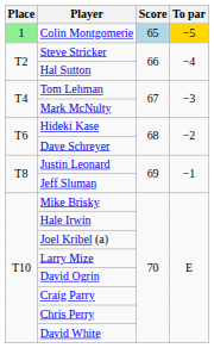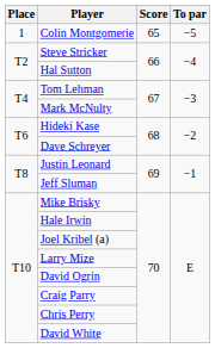 <table class="wikitable">
 <tr>
 <th>Place</th>
 <th>Player</th>
 <th>Score</th>
 <th>To par</th>
 </tr>
 <tr>
-<td align=center style="background: lightgreen;">1</td>
+<td align=center>1</td>
 <td> <a href='#'>Colin Montgomerie</a></td>
-<td align=center style="background: lightblue;">65</td>
-<td align=center style="background: gold;">−5</td>
+<td align=center>65</td>
+<td align=center>−5</td>
 </tr>
 <tr>
 <td rowspan="2" align=center>T2</td>
 <td> <a href='#'>Steve Stricker</a></td>
 <td rowspan="2" align=center>66</td>
 <td rowspan="2" align=center>−4</td>
 </tr>
 <tr>
 <td> <a href='#'>Hal Sutton</a></td>
 </tr>
 <tr>
 <td rowspan="2" align=center>T4</td>
 <td> <a href='#'>Tom Lehman</a></td>
 <td rowspan="2" align=center>67</td>
 <td rowspan="2" align=center>−3</td>
 </tr>
 <tr>
 <td> <a href='#'>Mark McNulty</a></td>
 </tr>
 <tr>
 <td rowspan="2" align=center>T6</td>
 <td> <a href='#'>Hideki Kase</a></td>
 <td rowspan="2" align=center>68</td>
 <td rowspan="2" align=center>−2</td>
 </tr>
 <tr>
 <td> <a href='#'>Dave Schreyer</a></td>
 </tr>
 <tr>
 <td rowspan="2" align=center>T8</td>
 <td> <a href='#'>Justin Leonard</a></td>
 <td rowspan="2" align=center>69</td>
 <td rowspan="2" align=center>−1</td>
 </tr>
 <tr>
 <td> <a href='#'>Jeff Sluman</a></td>
 </tr>
 <tr>
 <td rowspan="8" align=center>T10</td>
 <td> <a href='#'>Mike Brisky</a></td>
 <td rowspan="8" align=center>70</td>
 <td rowspan="8" align=center>E</td>
 </tr>
 <tr>
 <td> <a href='#'>Hale Irwin</a></td>
 </tr>
 <tr>
 <td> <a href='#'>Joel Kribel</a> (a)</td>
 </tr>
 <tr>
 <td> <a href='#'>Larry Mize</a></td>
 </tr>
 <tr>
 <td> <a href='#'>David Ogrin</a></td>
 </tr>
 <tr>
 <td> <a href='#'>Craig Parry</a></td>
 </tr>
 <tr>
 <td> <a href='#'>Chris Perry</a></td>
 </tr>
 <tr>
 <td> <a href='#'>David White</a></td>
 </tr>
 </table>
